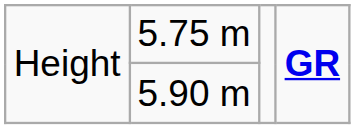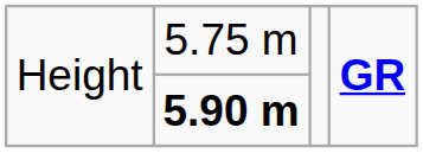 <table class = "wikitable" style="text-align:center;">
 <tr>
 <td rowspan=2>Height</td>
 <td>5.75 m</td>
 <td align=left rowspan=2></td>
 <td rowspan=2><strong><a href='#'>GR</a></strong></td>
 </tr>
 <tr>
-<td>5.90 m</td>
+<td><strong>5.90 m</strong></td>
 </tr>
 </table>
